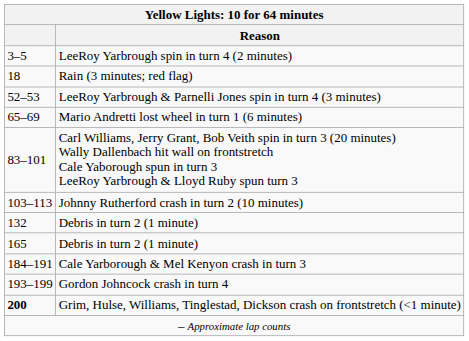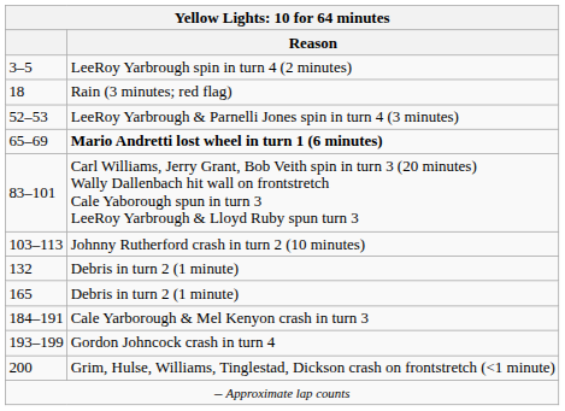 <table class="wikitable">
 <tr>
 <th colspan=2>Yellow Lights: 10 for 64 minutes</th>
 </tr>
 <tr>
 <th></th>
 <th>Reason</th>
 </tr>
 <tr>
 <td>3–5</td>
 <td>LeeRoy Yarbrough spin in turn 4 (2 minutes)</td>
 </tr>
 <tr>
 <td>18</td>
 <td>Rain (3 minutes; red flag)</td>
 </tr>
 <tr>
 <td>52–53</td>
 <td>LeeRoy Yarbrough & Parnelli Jones spin in turn 4 (3 minutes)</td>
 </tr>
 <tr>
 <td>65–69</td>
-<td>Mario Andretti lost wheel in turn 1 (6 minutes)</td>
+<td><strong>Mario Andretti lost wheel in turn 1 (6 minutes)</strong></td>
 </tr>
 <tr>
 <td>83–101</td>
 <td>Carl Williams, Jerry Grant, Bob Veith spin in turn 3 (20 minutes)<br>Wally Dallenbach hit wall on frontstretch<br>Cale Yaborough spun in turn 3<br>LeeRoy Yarbrough & Lloyd Ruby spun turn 3</td>
 </tr>
 <tr>
 <td>103–113</td>
 <td>Johnny Rutherford crash in turn 2 (10 minutes)</td>
 </tr>
 <tr>
 <td>132</td>
 <td>Debris in turn 2 (1 minute)</td>
 </tr>
 <tr>
 <td>165</td>
 <td>Debris in turn 2 (1 minute)</td>
 </tr>
 <tr>
 <td>184–191</td>
 <td>Cale Yarborough & Mel Kenyon crash in turn 3</td>
 </tr>
 <tr>
 <td>193–199</td>
 <td>Gordon Johncock crash in turn 4</td>
 </tr>
 <tr>
-<td><strong>200</strong></td>
+<td>200</td>
 <td>Grim, Hulse, Williams, Tinglestad, Dickson crash on frontstretch (<1 minute)</td>
 </tr>
 <tr>
 <td colspan=2 align=center> – <em><small>Approximate lap counts</small></em></td>
 </tr>
 </table>
